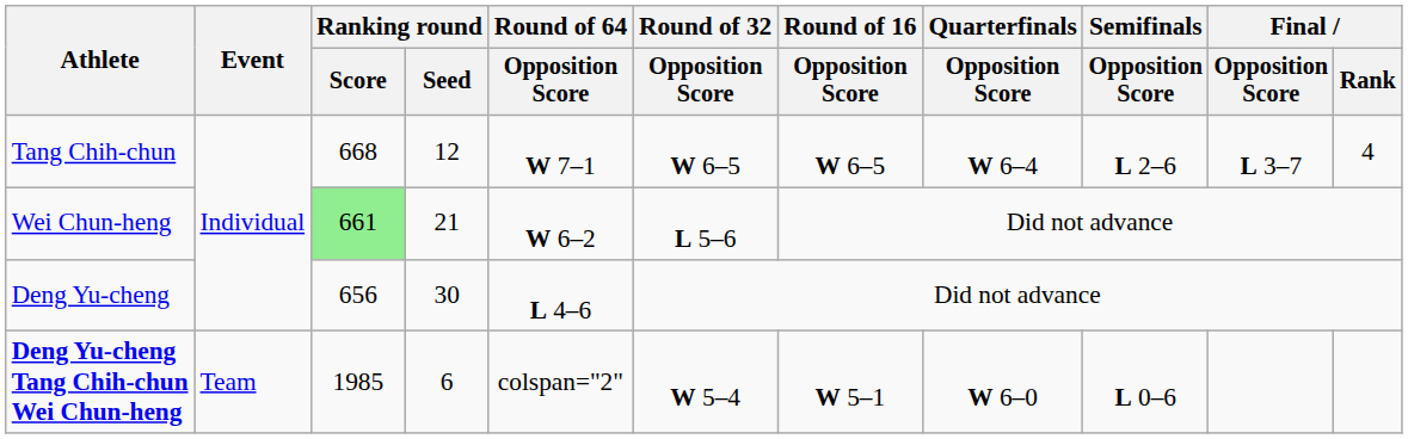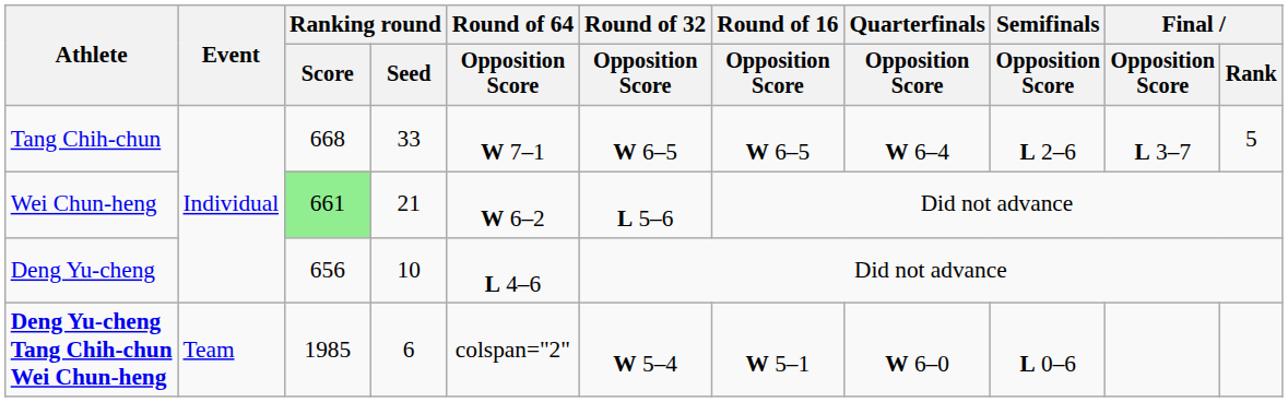 <table class="wikitable" style="font-size:90%; text-align:center">
 <tr>
 <th rowspan="2">Athlete</th>
 <th rowspan="2">Event</th>
 <th colspan="2">Ranking round</th>
 <th>Round of 64</th>
 <th>Round of 32</th>
 <th>Round of 16</th>
 <th>Quarterfinals</th>
 <th>Semifinals</th>
 <th colspan="2">Final / </th>
 </tr>
 <tr style="font-size:95%">
 <th>Score</th>
 <th>Seed</th>
 <th>Opposition<br>Score</th>
 <th>Opposition<br>Score</th>
 <th>Opposition<br>Score</th>
 <th>Opposition<br>Score</th>
 <th>Opposition<br>Score</th>
 <th>Opposition<br>Score</th>
 <th>Rank</th>
 </tr>
 <tr>
 <td align="left"><a href='#'>Tang Chih-chun</a></td>
 <td align="left" rowspan="3"><a href='#'>Individual</a></td>
 <td>668</td>
-<td>12</td>
+<td>33</td>
 <td><br><strong>W</strong> 7–1</td>
 <td><br><strong>W</strong> 6–5</td>
 <td><br><strong>W</strong> 6–5</td>
 <td><br><strong>W</strong> 6–4</td>
 <td><br><strong>L</strong> 2–6</td>
 <td><br><strong>L</strong> 3–7</td>
-<td>4</td>
+<td>5</td>
 </tr>
 <tr>
 <td align="left"><a href='#'>Wei Chun-heng</a></td>
 <td style="background: lightgreen;">661</td>
 <td>21</td>
 <td><br><strong>W</strong> 6–2</td>
 <td><br><strong>L</strong> 5–6</td>
 <td colspan=5>Did not advance</td>
 </tr>
 <tr>
 <td align="left"><a href='#'>Deng Yu-cheng</a></td>
 <td>656</td>
-<td>30</td>
+<td>10</td>
 <td><br><strong>L</strong> 4–6</td>
 <td colspan=6>Did not advance</td>
 </tr>
 <tr>
 <td align="left"><strong><a href='#'>Deng Yu-cheng</a><br><a href='#'>Tang Chih-chun</a><br><a href='#'>Wei Chun-heng</a></strong></td>
 <td align="left"><a href='#'>Team</a></td>
 <td>1985</td>
 <td>6</td>
 <td>colspan="2" </td>
 <td><br><strong>W</strong> 5–4</td>
 <td><br><strong>W</strong> 5–1</td>
 <td><br><strong>W</strong> 6–0</td>
 <td><br><strong>L</strong> 0–6</td>
 <td></td>
 </tr>
 </table>
